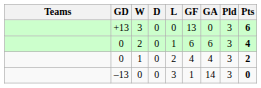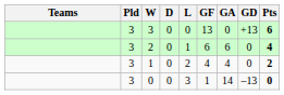 <table class="wikitable" style="text-align: center;">
 <tr>
 <th width=165>Teams</th>
-<th width=20>GD</th>
+<th width=20>Pld</th>
 <th width=20>W</th>
 <th width=20>D</th>
 <th width=20>L</th>
 <th width=20>GF</th>
 <th width=20>GA</th>
-<th width=20>Pld</th>
+<th width=20>GD</th>
 <th width=20>Pts</th>
 </tr>
 <tr align=center style="background:#ccffcc;">
 <td style="text-align:left;"></td>
-<td>+13</td>
+<td>3</td>
 <td>3</td>
 <td>0</td>
 <td>0</td>
 <td>13</td>
 <td>0</td>
-<td>3</td>
+<td>+13</td>
 <td><strong>6</strong></td>
 </tr>
 <tr align=center style="background:#ccffcc;">
 <td style="text-align:left;"></td>
-<td>0</td>
+<td>3</td>
 <td>2</td>
 <td>0</td>
 <td>1</td>
 <td>6</td>
 <td>6</td>
-<td>3</td>
+<td>0</td>
 <td><strong>4</strong></td>
 </tr>
 <tr align=center>
 <td style="text-align:left;"></td>
-<td>0</td>
+<td>3</td>
 <td>1</td>
 <td>0</td>
 <td>2</td>
 <td>4</td>
 <td>4</td>
-<td>3</td>
+<td>0</td>
 <td><strong>2</strong></td>
 </tr>
 <tr align=center>
 <td style="text-align:left;"></td>
-<td>–13</td>
+<td>3</td>
 <td>0</td>
 <td>0</td>
 <td>3</td>
 <td>1</td>
 <td>14</td>
-<td>3</td>
+<td>–13</td>
 <td><strong>0</strong></td>
 </tr>
 </table>
